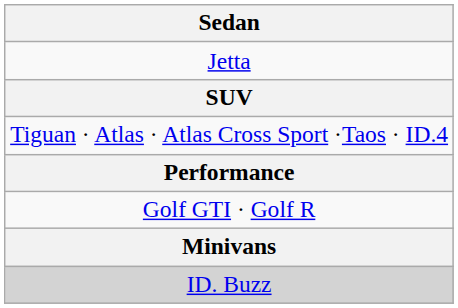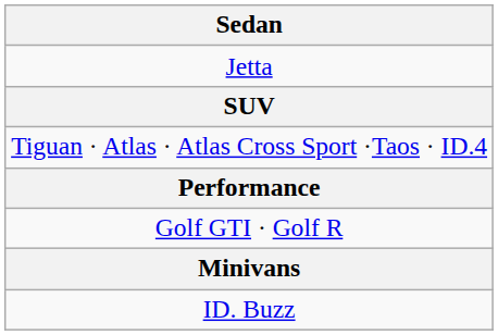 <table class="wikitable">
 <tr>
 <th>Sedan</th>
 </tr>
 <tr>
 <td style="text-align:center;"><a href='#'>Jetta</a></td>
 </tr>
 <tr>
 <th>SUV</th>
 </tr>
 <tr>
 <td style="text-align:center;"><a href='#'>Tiguan</a> · <a href='#'>Atlas</a> · <a href='#'>Atlas Cross Sport</a> ·<a href='#'>Taos</a> · <a href='#'>ID.4</a></td>
 </tr>
 <tr>
 <th>Performance</th>
 </tr>
 <tr>
 <td style="text-align:center;"><a href='#'>Golf GTI</a> · <a href='#'>Golf R</a></td>
 </tr>
 <tr>
 <th>Minivans</th>
 </tr>
 <tr>
-<td style="background: lightgrey; text-align:center;"><a href='#'>ID. Buzz</a></td>
+<td style="text-align:center;"><a href='#'>ID. Buzz</a></td>
 </tr>
 </table>
